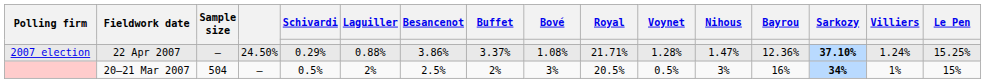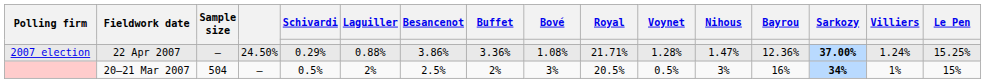 <table class="wikitable sortable" style="text-align:center;font-size:90%;line-height:14px;">
 <tr style="height:40px;">
 <th style="width:100px;" rowspan="2">Polling firm</th>
 <th style="width:110px;" rowspan="2">Fieldwork date</th>
 <th style="width:35px;" rowspan="2">Sample<br>size</th>
 <th style="width:30px;" rowspan="2"></th>
 <th class="unsortable" style="width:60px;"><a href='#'>Schivardi</a><br></th>
 <th class="unsortable" style="width:60px;"><a href='#'>Laguiller</a><br></th>
 <th class="unsortable" style="width:60px;"><a href='#'>Besancenot</a><br></th>
 <th class="unsortable" style="width:60px;"><a href='#'>Buffet</a><br></th>
 <th class="unsortable" style="width:60px;"><a href='#'>Bové</a><br></th>
 <th class="unsortable" style="width:60px;"><a href='#'>Royal</a><br></th>
 <th class="unsortable" style="width:60px;"><a href='#'>Voynet</a><br></th>
 <th class="unsortable" style="width:60px;"><a href='#'>Nihous</a><br></th>
 <th class="unsortable" style="width:60px;"><a href='#'>Bayrou</a><br></th>
 <th class="unsortable" style="width:60px;"><a href='#'>Sarkozy</a><br></th>
 <th class="unsortable" style="width:60px;"><a href='#'>Villiers</a><br></th>
 <th class="unsortable" style="width:60px;"><a href='#'>Le Pen</a><br></th>
 </tr>
 <tr>
 <th style="background:"></th>
 <th style="background:"></th>
 <th style="background:"></th>
 <th style="background:"></th>
 <th style="background:"></th>
 <th style="background:"></th>
 <th style="background:"></th>
 <th style="background:"></th>
 <th style="background:"></th>
 <th style="background:"></th>
 <th style="background:"></th>
 <th style="background:"></th>
 </tr>
 <tr style="background:#E9E9E9;">
 <td><a href='#'>2007 election</a></td>
 <td data-sort-value="2007-04-22">22 Apr 2007</td>
 <td>–</td>
 <td>24.50%</td>
 <td>0.29%</td>
 <td>0.88%</td>
 <td>3.86%</td>
-<td>3.37%</td>
+<td>3.36%</td>
 <td>1.08%</td>
 <td>21.71%</td>
 <td>1.28%</td>
 <td>1.47%</td>
 <td>12.36%</td>
-<td style="background:#B9DAFF;"><strong>37.10%</strong></td>
+<td style="background:#B9DAFF;"><strong>37.00%</strong></td>
 <td>1.24%</td>
 <td>15.25%</td>
 </tr>
 <tr>
 <td style="background:#FFCCCC;"></td>
 <td data-sort-value="2007-03-21">20–21 Mar 2007</td>
 <td>504</td>
 <td>–</td>
 <td>0.5%</td>
 <td>2%</td>
 <td>2.5%</td>
 <td>2%</td>
 <td>3%</td>
 <td>20.5%</td>
 <td>0.5%</td>
 <td>3%</td>
 <td>16%</td>
 <td style="background:#B9DAFF;"><strong>34%</strong></td>
 <td>1%</td>
 <td>15%</td>
 </tr>
 </table>
